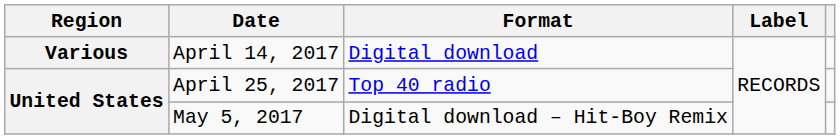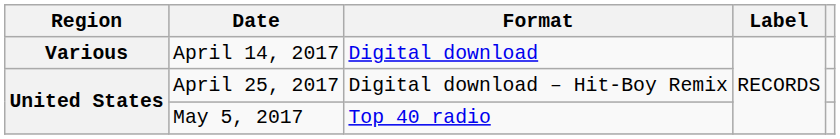 <table class="wikitable plainrowheaders">
 <tr>
 <th scope="col">Region</th>
 <th scope="col">Date</th>
 <th scope="col">Format</th>
 <th scope="col">Label</th>
 <th scope="col"></th>
 </tr>
 <tr>
 <th scope="row">Various</th>
 <td>April 14, 2017</td>
 <td><a href='#'>Digital download</a></td>
 <td rowspan="3">RECORDS</td>
 <td></td>
 </tr>
 <tr>
 <th scope="row" rowspan="2">United States</th>
 <td>April 25, 2017</td>
-<td><a href='#'>Top 40 radio</a></td>
+<td>Digital download – Hit-Boy Remix</td>
 <td></td>
 </tr>
 <tr>
 <td>May 5, 2017</td>
-<td>Digital download – Hit-Boy Remix</td>
+<td><a href='#'>Top 40 radio</a></td>
 <td></td>
 </tr>
 </table>
